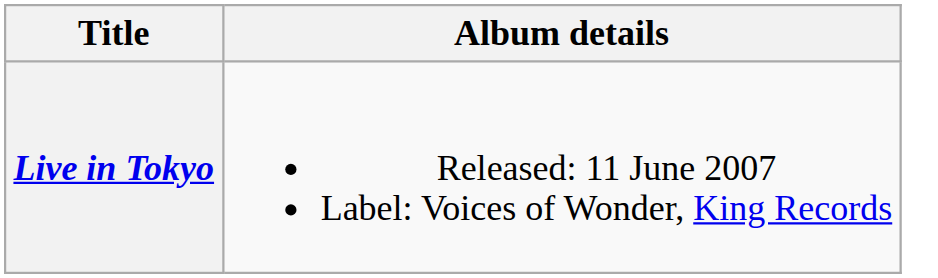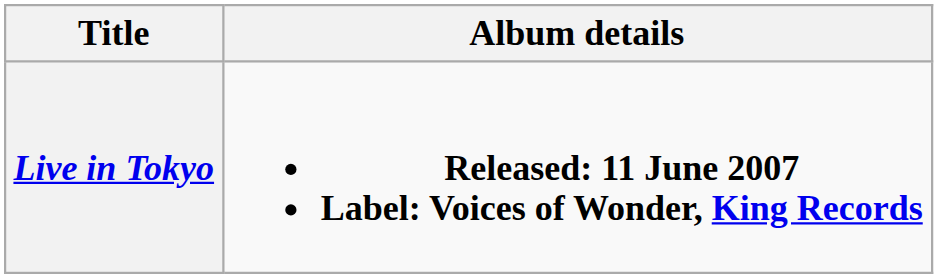 <table class="wikitable plainrowheaders" style="text-align:center;">
 <tr>
 <th>Title</th>
 <th>Album details</th>
 </tr>
 <tr>
 <th scope="row"><em><a href='#'>Live in Tokyo</a></em></th>
-<td><br><ul><li>Released: 11 June 2007</li><li>Label: Voices of Wonder, <a href='#'>King Records</a></li></ul></td>
+<td><strong><br><ul><li>Released: 11 June 2007</li><li>Label: Voices of Wonder, <a href='#'>King Records</a></li></ul></strong></td>
 </tr>
 </table>
